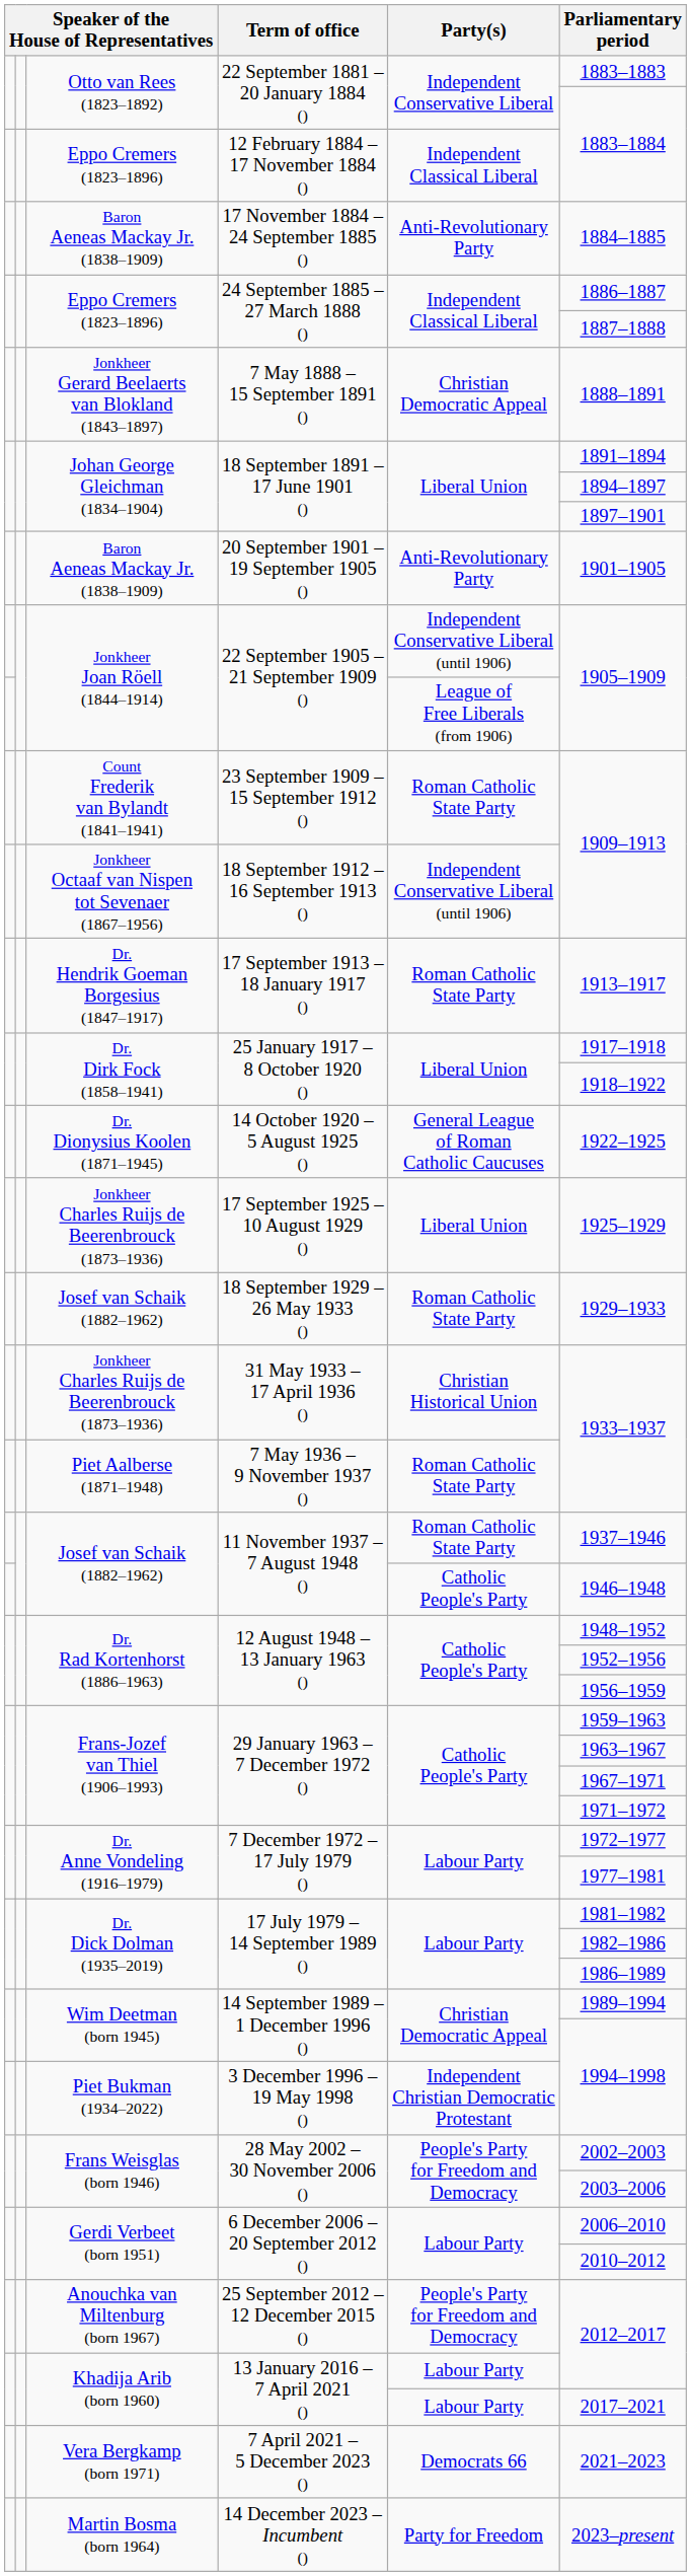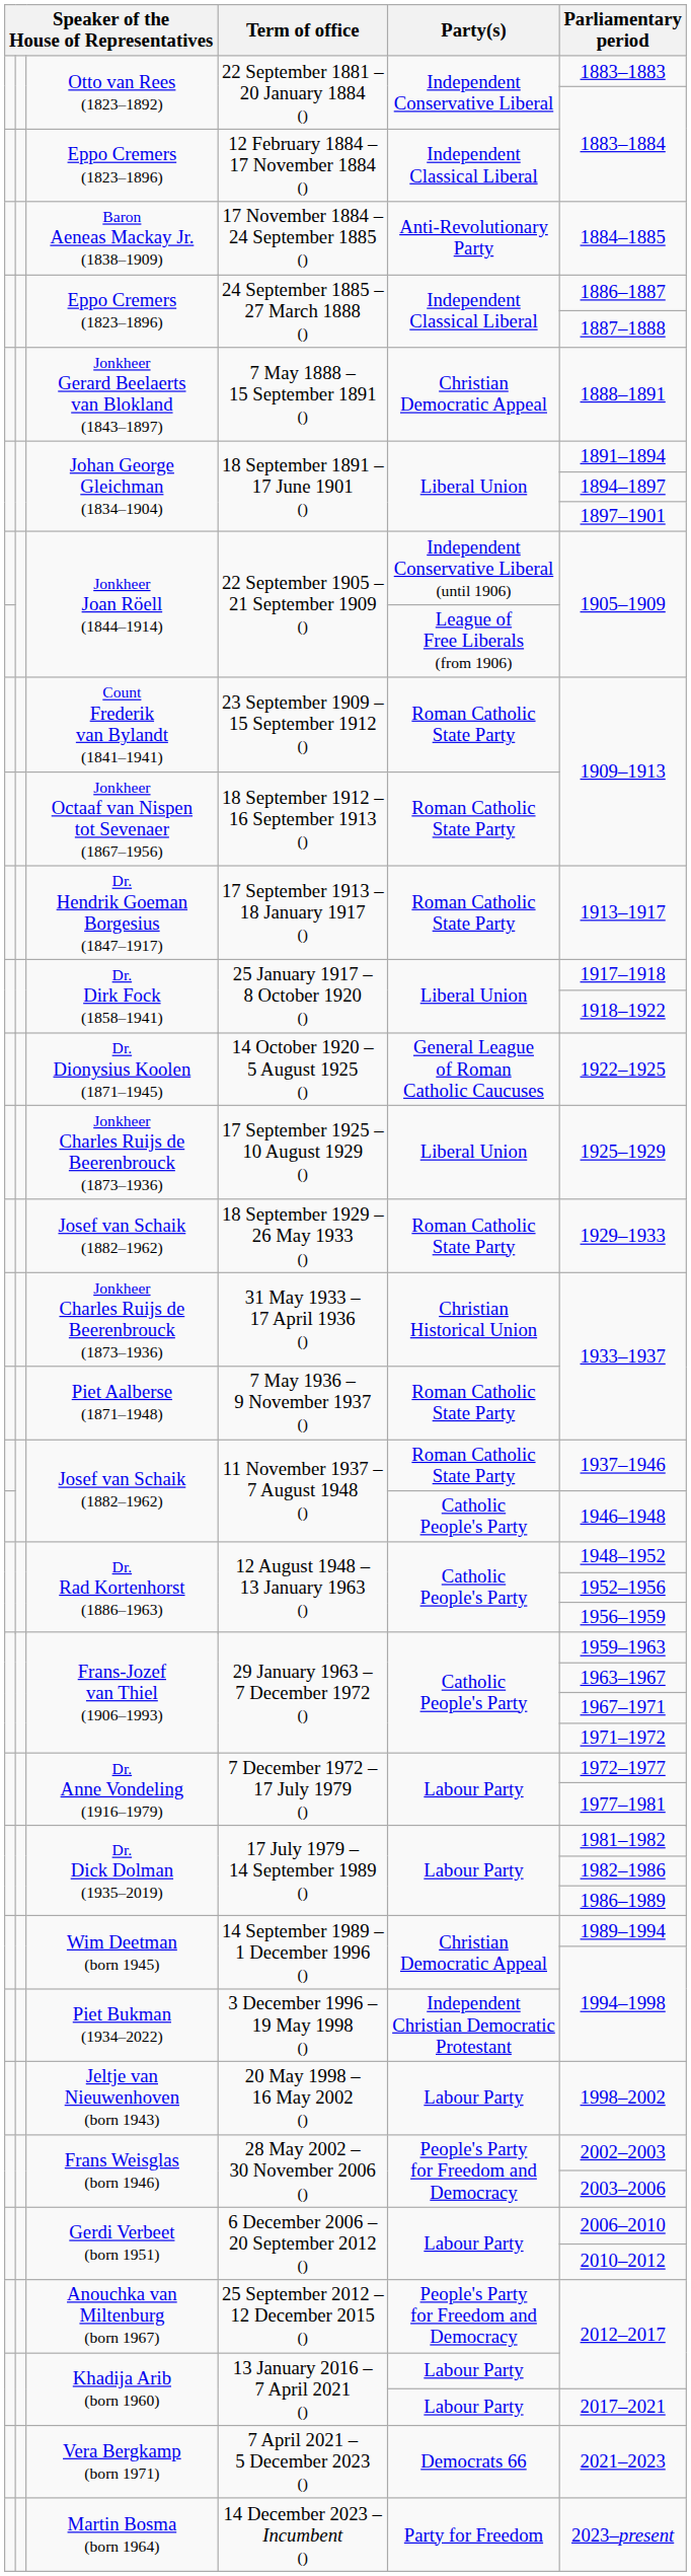 <table class="wikitable" style="text-align:center">
 <tr>
 <th colspan=3>Speaker of the <br> House of Representatives</th>
 <th>Term of office</th>
 <th>Party(s)</th>
 <th>Parliamentary <br> period</th>
 </tr>
 <tr>
 <td rowspan=2 style="background:"></td>
 <td rowspan=2></td>
 <td rowspan=2><a href='#'>Otto van Rees</a> <br> <small>(1823–1892)</small></td>
 <td rowspan=2>22 September 1881 – <br> 20 January 1884 <br> <small>()</small> <br> </td>
 <td rowspan=2><a href='#'>Independent</a> <br> <a href='#'>Conservative Liberal</a></td>
 <td><a href='#'>1883–1883</a></td>
 </tr>
 <tr>
 <td rowspan=2><a href='#'>1883–1884</a></td>
 </tr>
 <tr>
 <td style="background:"></td>
 <td></td>
 <td><a href='#'>Eppo Cremers</a> <br> <small>(1823–1896)</small></td>
 <td>12 February 1884 – <br> 17 November 1884 <br> <small>()</small> <br> </td>
 <td><a href='#'>Independent</a> <br> <a href='#'>Classical Liberal</a></td>
 </tr>
 <tr>
 <td style="background:"></td>
 <td></td>
 <td><small><a href='#'>Baron</a></small> <br> <a href='#'>Aeneas Mackay Jr.</a> <br> <small>(1838–1909)</small></td>
 <td>17 November 1884 – <br> 24 September 1885 <br> <small>()</small> <br> </td>
 <td><a href='#'>Anti-Revolutionary <br> Party</a></td>
 <td rowspan=2><a href='#'>1884–1885</a></td>
 </tr>
 <tr>
 <td rowspan=3 style="background:"></td>
 <td rowspan=3></td>
 <td rowspan=3><a href='#'>Eppo Cremers</a> <br> <small>(1823–1896)</small></td>
 <td rowspan=3>24 September 1885 – <br> 27 March 1888 <br> <small>()</small> <br> </td>
 <td rowspan=3><a href='#'>Independent</a> <br> <a href='#'>Classical Liberal</a></td>
 </tr>
 <tr>
 <td><a href='#'>1886–1887</a></td>
 </tr>
 <tr>
 <td><a href='#'>1887–1888</a></td>
 </tr>
 <tr>
 <td style="background:"></td>
 <td></td>
 <td><small><a href='#'>Jonkheer</a></small> <br> <a href='#'>Gerard Beelaerts <br> van Blokland</a> <br> <small>(1843–1897)</small></td>
 <td>7 May 1888 – <br> 15 September 1891 <br> <small>()</small> <br> </td>
 <td><a href='#'>Christian <br> Democratic Appeal</a></td>
 <td><a href='#'>1888–1891</a></td>
 </tr>
 <tr>
 <td rowspan=3 style="background:"></td>
 <td rowspan=3></td>
 <td rowspan=3><a href='#'>Johan George <br> Gleichman</a> <br> <small>(1834–1904)</small></td>
 <td rowspan=3>18 September 1891 – <br> 17 June 1901 <br> <small>()</small> <br> </td>
 <td rowspan=3><a href='#'>Liberal Union</a></td>
 <td><a href='#'>1891–1894</a></td>
 </tr>
 <tr>
 <td><a href='#'>1894–1897</a></td>
 </tr>
 <tr>
 <td><a href='#'>1897–1901</a></td>
 </tr>
 <tr>
 <td style="background:"></td>
-<td></td>
-<td><small><a href='#'>Baron</a></small> <br> <a href='#'>Aeneas Mackay Jr.</a> <br> <small>(1838–1909)</small></td>
-<td>20 September 1901 – <br> 19 September 1905 <br> <small>()</small> <br> </td>
-<td><a href='#'>Anti-Revolutionary <br> Party</a></td>
-<td><a href='#'>1901–1905</a></td>
-</tr>
-<tr>
-<td style="background:"></td>
 <td rowspan=2></td>
 <td rowspan=2><small><a href='#'>Jonkheer</a></small> <br> <a href='#'>Joan Röell</a> <br> <small>(1844–1914)</small></td>
 <td rowspan=2>22 September 1905 – <br> 21 September 1909 <br> <small>()</small> <br> </td>
 <td><a href='#'>Independent</a> <br> <a href='#'>Conservative Liberal</a> <br> <small>(until 1906)</small></td>
 <td rowspan=2><a href='#'>1905–1909</a></td>
 </tr>
 <tr>
 <td style="background:"></td>
 <td><a href='#'>League of <br> Free Liberals</a> <br> <small>(from 1906)</small></td>
 </tr>
 <tr>
 <td style="background:"></td>
 <td></td>
 <td><small><a href='#'>Count</a></small> <br> <a href='#'>Frederik <br> van Bylandt</a> <br> <small>(1841–1941)</small></td>
 <td>23 September 1909 – <br> 15 September 1912 <br> <small>()</small> <br> </td>
 <td><a href='#'>Roman Catholic <br> State Party</a></td>
 <td rowspan=2><a href='#'>1909–1913</a></td>
 </tr>
 <tr>
 <td style="background:"></td>
 <td></td>
 <td><small><a href='#'>Jonkheer</a></small> <br> <a href='#'>Octaaf van Nispen <br> tot Sevenaer</a> <br> <small>(1867–1956)</small></td>
 <td>18 September 1912 – <br> 16 September 1913 <br> <small>()</small> <br> </td>
-<td><a href='#'>Independent</a> <br> <a href='#'>Conservative Liberal</a> <br> <small>(until 1906)</small></td>
+<td><a href='#'>Roman Catholic <br> State Party</a></td>
 </tr>
 <tr>
 <td style="background:"></td>
 <td></td>
 <td><small><a href='#'>Dr.</a></small> <br> <a href='#'>Hendrik Goeman <br> Borgesius</a> <br> <small>(1847–1917)</small></td>
 <td>17 September 1913 – <br> 18 January 1917 <br> <small>()</small> <br> </td>
 <td><a href='#'>Roman Catholic <br> State Party</a></td>
 <td><a href='#'>1913–1917</a></td>
 </tr>
 <tr>
 <td rowspan=2 style="background:"></td>
 <td rowspan=2></td>
 <td rowspan=2><small><a href='#'>Dr.</a></small> <br> <a href='#'>Dirk Fock</a> <br> <small>(1858–1941)</small></td>
 <td rowspan=2>25 January 1917 – <br> 8 October 1920 <br> <small>()</small> <br> </td>
 <td rowspan=2><a href='#'>Liberal Union</a></td>
 <td><a href='#'>1917–1918</a></td>
 </tr>
 <tr>
 <td rowspan=2><a href='#'>1918–1922</a></td>
 </tr>
 <tr>
 <td rowspan=2 style="background:"></td>
 <td rowspan=2></td>
 <td rowspan=2><small><a href='#'>Dr.</a></small> <br> <a href='#'>Dionysius Koolen</a> <br> <small>(1871–1945)</small></td>
 <td rowspan=2>14 October 1920 – <br> 5 August 1925 <br> <small>()</small> <br> </td>
 <td rowspan=2><a href='#'>General League <br> of Roman <br> Catholic Caucuses</a></td>
 </tr>
 <tr>
 <td><a href='#'>1922–1925</a></td>
 </tr>
 <tr>
 <td style="background:"></td>
 <td></td>
 <td><small><a href='#'>Jonkheer</a></small> <br> <a href='#'>Charles Ruijs de <br> Beerenbrouck</a> <br> <small>(1873–1936)</small></td>
 <td>17 September 1925 – <br> 10 August 1929 <br> <small>()</small> <br> </td>
 <td><a href='#'>Liberal Union</a></td>
 <td><a href='#'>1925–1929</a></td>
 </tr>
 <tr>
 <td style="background:"></td>
 <td></td>
 <td><a href='#'>Josef van Schaik</a> <br> <small>(1882–1962)</small></td>
 <td>18 September 1929 – <br> 26 May 1933 <br> <small>()</small> <br> </td>
 <td><a href='#'>Roman Catholic <br> State Party</a></td>
 <td><a href='#'>1929–1933</a></td>
 </tr>
 <tr>
 <td style="background:"></td>
 <td></td>
 <td><small><a href='#'>Jonkheer</a></small> <br> <a href='#'>Charles Ruijs de <br> Beerenbrouck</a> <br> <small>(1873–1936)</small></td>
 <td>31 May 1933 – <br> 17 April 1936 <br> <small>()</small> <br> </td>
 <td><a href='#'>Christian <br> Historical Union</a></td>
 <td rowspan=2><a href='#'>1933–1937</a></td>
 </tr>
 <tr>
 <td style="background:"></td>
 <td></td>
 <td><a href='#'>Piet Aalberse</a> <br> <small>(1871–1948)</small></td>
 <td>7 May 1936 – <br> 9 November 1937 <br> <small>()</small> <br> </td>
 <td><a href='#'>Roman Catholic <br> State Party</a></td>
 </tr>
 <tr>
 <td style="background:"></td>
 <td rowspan=2></td>
 <td rowspan=2><a href='#'>Josef van Schaik</a> <br> <small>(1882–1962)</small></td>
 <td rowspan=2>11 November 1937 – <br> 7 August 1948 <br> <small>()</small> <br> </td>
 <td><a href='#'>Roman Catholic <br> State Party</a></td>
 <td><a href='#'>1937–1946</a></td>
 </tr>
 <tr>
 <td style="background:"></td>
 <td><a href='#'>Catholic <br> People's Party</a></td>
 <td><a href='#'>1946–1948</a></td>
 </tr>
 <tr>
 <td rowspan=4 style="background:"></td>
 <td rowspan=4></td>
 <td rowspan=4><small><a href='#'>Dr.</a></small> <br> <a href='#'>Rad Kortenhorst</a> <br> <small>(1886–1963)</small></td>
 <td rowspan=4>12 August 1948 – <br> 13 January 1963 <br> <small>()</small> <br> </td>
 <td rowspan=4><a href='#'>Catholic <br> People's Party</a></td>
 <td><a href='#'>1948–1952</a></td>
 </tr>
 <tr>
 <td><a href='#'>1952–1956</a></td>
 </tr>
 <tr>
 <td><a href='#'>1956–1959</a></td>
 </tr>
 <tr>
 <td rowspan=2><a href='#'>1959–1963</a></td>
 </tr>
 <tr>
 <td rowspan=4 style="background:"></td>
 <td rowspan=4></td>
 <td rowspan=4><a href='#'>Frans-Jozef <br> van Thiel</a> <br> <small>(1906–1993)</small></td>
 <td rowspan=4>29 January 1963 – <br> 7 December 1972 <br> <small>()</small> <br> </td>
 <td rowspan=4><a href='#'>Catholic <br> People's Party</a></td>
 </tr>
 <tr>
 <td><a href='#'>1963–1967</a></td>
 </tr>
 <tr>
 <td><a href='#'>1967–1971</a></td>
 </tr>
 <tr>
 <td><a href='#'>1971–1972</a></td>
 </tr>
 <tr>
 <td rowspan=2 style="background:"></td>
 <td rowspan=2></td>
 <td rowspan=2><small><a href='#'>Dr.</a></small> <br> <a href='#'>Anne Vondeling</a> <br> <small>(1916–1979)</small></td>
 <td rowspan=2>7 December 1972 – <br> 17 July 1979 <br> <small>()</small> <br> </td>
 <td rowspan=2><a href='#'>Labour Party</a></td>
 <td><a href='#'>1972–1977</a></td>
 </tr>
 <tr>
 <td rowspan=2><a href='#'>1977–1981</a></td>
 </tr>
 <tr>
 <td rowspan=4 style="background:"></td>
 <td rowspan=4></td>
 <td rowspan=4><small><a href='#'>Dr.</a></small> <br> <a href='#'>Dick Dolman</a> <br> <small>(1935–2019)</small></td>
 <td rowspan=4>17 July 1979 – <br> 14 September 1989 <br> <small>()</small> <br> </td>
 <td rowspan=4><a href='#'>Labour Party</a></td>
 </tr>
 <tr>
 <td><a href='#'>1981–1982</a></td>
 </tr>
 <tr>
 <td><a href='#'>1982–1986</a></td>
 </tr>
 <tr>
 <td><a href='#'>1986–1989</a></td>
 </tr>
 <tr>
 <td rowspan=2 style="background:"></td>
 <td rowspan=2></td>
 <td rowspan=2><a href='#'>Wim Deetman</a> <br> <small>(born 1945)</small></td>
 <td rowspan=2>14 September 1989 – <br> 1 December 1996 <br> <small>()</small> <br> </td>
 <td rowspan=2><a href='#'>Christian <br> Democratic Appeal</a></td>
 <td><a href='#'>1989–1994</a></td>
 </tr>
 <tr>
 <td rowspan=2><a href='#'>1994–1998</a></td>
 </tr>
 <tr>
 <td style="background:"></td>
 <td></td>
 <td><a href='#'>Piet Bukman</a> <br> <small>(1934–2022)</small></td>
 <td>3 December 1996 – <br> 19 May 1998 <br> <small>()</small> <br> </td>
 <td><a href='#'>Independent</a> <br> <a href='#'>Christian Democratic <br> Protestant</a></td>
 </tr>
 <tr>
+<td style="background:"></td>
+<td></td>
+<td><a href='#'>Jeltje van <br> Nieuwenhoven</a> <br> <small>(born 1943)</small></td>
+<td>20 May 1998 – <br> 16 May 2002 <br> <small>()</small> <br> </td>
+<td><a href='#'>Labour Party</a></td>
+<td><a href='#'>1998–2002</a></td>
+</tr>
+<tr>
 <td rowspan=2 style="background:"></td>
 <td rowspan=2></td>
 <td rowspan=2><a href='#'>Frans Weisglas</a> <br> <small>(born 1946)</small></td>
 <td rowspan=2>28 May 2002 – <br> 30 November 2006 <br> <small>()</small> <br> </td>
 <td rowspan=2><a href='#'>People's Party <br> for Freedom and <br> Democracy</a></td>
 <td><a href='#'>2002–2003</a></td>
 </tr>
 <tr>
 <td><a href='#'>2003–2006</a></td>
 </tr>
 <tr>
 <td rowspan=2 style="background:"></td>
 <td rowspan=2></td>
 <td rowspan=2><a href='#'>Gerdi Verbeet</a> <br> <small>(born 1951)</small></td>
 <td rowspan=2>6 December 2006 – <br> 20 September 2012 <br> <small>()</small> <br> </td>
 <td rowspan=2><a href='#'>Labour Party</a></td>
 <td><a href='#'>2006–2010</a></td>
 </tr>
 <tr>
 <td><a href='#'>2010–2012</a></td>
 </tr>
 <tr>
 <td style="background:"></td>
 <td></td>
 <td><a href='#'>Anouchka van <br> Miltenburg</a> <br> <small>(born 1967)</small></td>
 <td>25 September 2012 – <br> 12 December 2015 <br> <small>()</small> <br> </td>
 <td><a href='#'>People's Party <br> for Freedom and <br> Democracy</a></td>
 <td rowspan=2><a href='#'>2012–2017</a></td>
 </tr>
 <tr>
 <td rowspan=2 style="background:"></td>
 <td rowspan=2></td>
 <td rowspan=2><a href='#'>Khadija Arib</a> <br> <small>(born 1960)</small></td>
 <td rowspan=2>13 January 2016 – <br> 7 April 2021 <br> <small>()</small> <br> </td>
 <td><a href='#'>Labour Party</a></td>
 </tr>
 <tr>
 <td><a href='#'>Labour Party</a></td>
 <td><a href='#'>2017–2021</a></td>
 </tr>
 <tr>
 <td style="background:"></td>
 <td></td>
 <td><a href='#'>Vera Bergkamp</a> <br> <small>(born 1971)</small></td>
 <td>7 April 2021 – <br> 5 December 2023 <br> <small>()</small></td>
 <td><a href='#'>Democrats 66</a></td>
 <td><a href='#'>2021–2023</a></td>
 </tr>
 <tr>
 <td style="background:"></td>
 <td></td>
 <td><a href='#'>Martin Bosma</a> <br> <small>(born 1964)</small></td>
 <td>14 December 2023 – <br> <em>Incumbent</em> <br> <small>()</small></td>
 <td><a href='#'>Party for Freedom</a></td>
 <td><a href='#'>2023–<em>present</em></a></td>
 </tr>
 <tr>
 </tr>
 </table>
